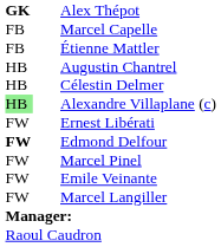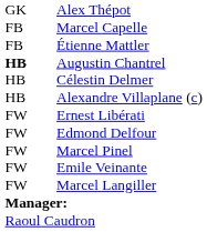 <table style="font-size: 90%" cellspacing="0" cellpadding="0" align=center>
 <tr>
 <th width="25"></th>
 <th width="25"></th>
 </tr>
 <tr>
-<td><strong>GK</strong></td>
+<td>GK</td>
 <td></td>
 <td><a href='#'>Alex Thépot</a></td>
 </tr>
 <tr>
 <td>FB</td>
 <td></td>
 <td><a href='#'>Marcel Capelle</a></td>
 </tr>
 <tr>
 <td>FB</td>
 <td></td>
 <td><a href='#'>Étienne Mattler</a></td>
 </tr>
 <tr>
-<td>HB</td>
+<td><strong>HB</strong></td>
 <td></td>
 <td><a href='#'>Augustin Chantrel</a></td>
 </tr>
 <tr>
 <td>HB</td>
 <td></td>
 <td><a href='#'>Célestin Delmer</a></td>
 </tr>
 <tr>
-<td style="background: lightgreen;">HB</td>
+<td>HB</td>
 <td></td>
 <td><a href='#'>Alexandre Villaplane</a> (<a href='#'>c</a>)</td>
 </tr>
 <tr>
 <td>FW</td>
 <td></td>
 <td><a href='#'>Ernest Libérati</a></td>
 </tr>
 <tr>
-<td><strong>FW</strong></td>
+<td>FW</td>
 <td></td>
 <td><a href='#'>Edmond Delfour</a></td>
 </tr>
 <tr>
 <td>FW</td>
 <td></td>
 <td><a href='#'>Marcel Pinel</a></td>
 </tr>
 <tr>
 <td>FW</td>
 <td></td>
 <td><a href='#'>Emile Veinante</a></td>
 </tr>
 <tr>
 <td>FW</td>
 <td></td>
 <td><a href='#'>Marcel Langiller</a></td>
 </tr>
 <tr>
 <td colspan=3><strong>Manager:</strong></td>
 </tr>
 <tr>
 <td colspan=4><a href='#'>Raoul Caudron</a></td>
 </tr>
 </table>
